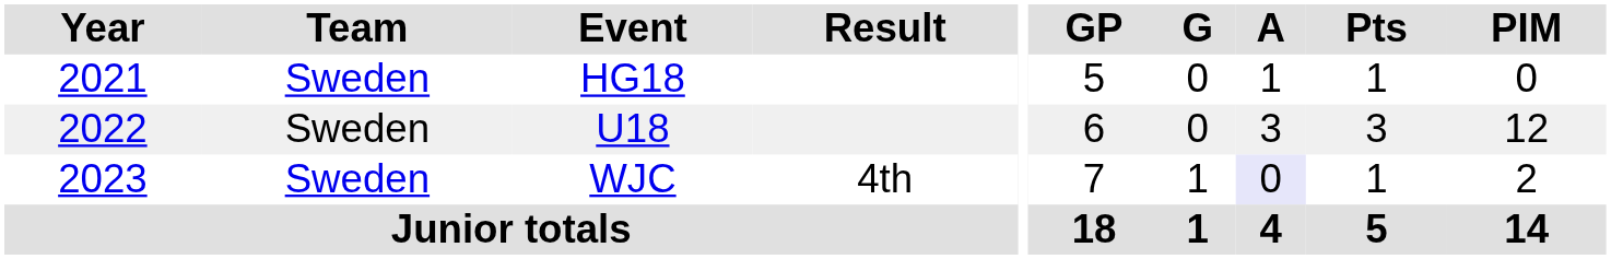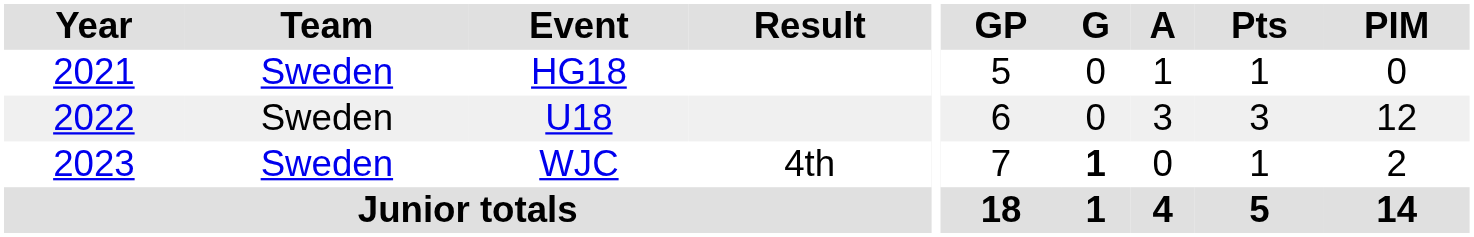 <table border="0" cellpadding="1" cellspacing="0" ID="Table3" style="text-align:center; width:40em">
 <tr bgcolor="#e0e0e0">
 <th>Year</th>
 <th>Team</th>
 <th>Event</th>
 <th>Result</th>
 <th rowspan="99" bgcolor="#ffffff"></th>
 <th>GP</th>
 <th>G</th>
 <th>A</th>
 <th>Pts</th>
 <th>PIM</th>
 </tr>
 <tr>
 <td><a href='#'>2021</a></td>
 <td><a href='#'>Sweden</a></td>
 <td><a href='#'>HG18</a></td>
 <td></td>
 <td>5</td>
 <td>0</td>
 <td>1</td>
 <td>1</td>
 <td>0</td>
 </tr>
 <tr bgcolor="#f0f0f0">
 <td><a href='#'>2022</a></td>
 <td>Sweden</td>
 <td><a href='#'>U18</a></td>
 <td></td>
 <td>6</td>
 <td>0</td>
 <td>3</td>
 <td>3</td>
 <td>12</td>
 </tr>
 <tr>
 <td><a href='#'>2023</a></td>
 <td><a href='#'>Sweden</a></td>
 <td><a href='#'>WJC</a></td>
 <td>4th</td>
 <td>7</td>
-<td>1</td>
-<td style="background: lavender;">0</td>
+<td><strong>1</strong></td>
+<td>0</td>
 <td>1</td>
 <td>2</td>
 </tr>
 <tr bgcolor="#e0e0e0">
 <th colspan="4">Junior totals</th>
 <th>18</th>
 <th>1</th>
 <th>4</th>
 <th>5</th>
 <th>14</th>
 </tr>
 </table>
